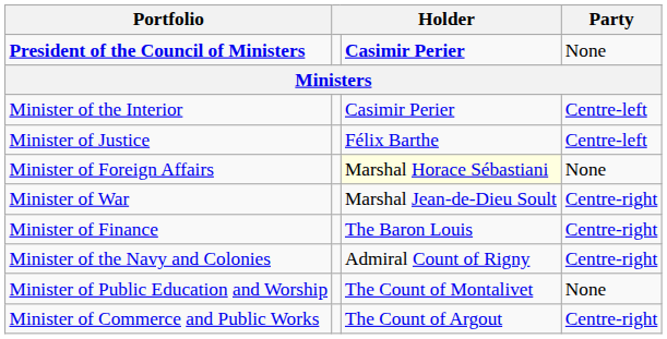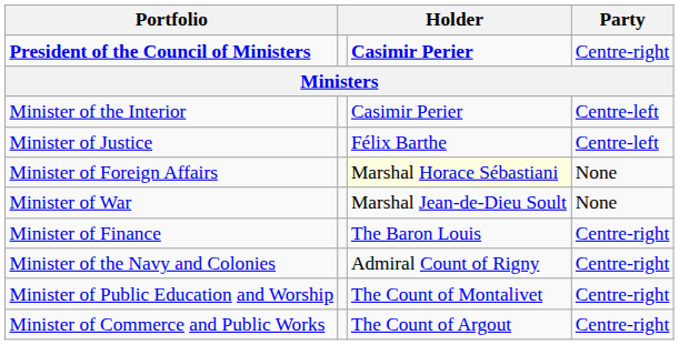 <table class="wikitable">
 <tr>
 <th>Portfolio</th>
 <th colspan=2>Holder</th>
 <th>Party</th>
 </tr>
 <tr>
 <td><strong><a href='#'>President of the Council of Ministers</a></strong></td>
 <td style="background:"></td>
 <td><strong><a href='#'>Casimir Perier</a></strong></td>
-<td>None</td>
+<td><a href='#'>Centre-right</a></td>
 </tr>
 <tr>
 <th colspan=4 align=center><a href='#'>Ministers</a></th>
 </tr>
 <tr>
 <td><a href='#'>Minister of the Interior</a></td>
 <td style="background:"></td>
 <td><a href='#'>Casimir Perier</a></td>
 <td><a href='#'>Centre-left</a></td>
 </tr>
 <tr>
 <td><a href='#'>Minister of Justice</a></td>
 <td style="background:"></td>
 <td><a href='#'>Félix Barthe</a></td>
 <td><a href='#'>Centre-left</a></td>
 </tr>
 <tr>
 <td><a href='#'>Minister of Foreign Affairs</a></td>
 <td style="background:"></td>
 <td style="background: lightyellow;">Marshal <a href='#'>Horace Sébastiani</a></td>
 <td>None</td>
 </tr>
 <tr>
 <td><a href='#'>Minister of War</a></td>
 <td style="background:"></td>
 <td>Marshal <a href='#'>Jean-de-Dieu Soult</a></td>
-<td><a href='#'>Centre-right</a></td>
+<td>None</td>
 </tr>
 <tr>
 <td><a href='#'>Minister of Finance</a></td>
 <td style="background:"></td>
 <td><a href='#'>The Baron Louis</a></td>
 <td><a href='#'>Centre-right</a></td>
 </tr>
 <tr>
 <td><a href='#'>Minister of the Navy and Colonies</a></td>
 <td style="background:"></td>
 <td>Admiral <a href='#'>Count of Rigny</a></td>
 <td><a href='#'>Centre-right</a></td>
 </tr>
 <tr>
 <td><a href='#'>Minister of Public Education</a> <a href='#'>and Worship</a></td>
 <td style="background:"></td>
 <td><a href='#'>The Count of Montalivet</a></td>
-<td>None</td>
+<td><a href='#'>Centre-right</a></td>
 </tr>
 <tr>
 <td><a href='#'>Minister of Commerce</a> <a href='#'>and Public Works</a></td>
 <td style="background:"></td>
 <td><a href='#'>The Count of Argout</a></td>
 <td><a href='#'>Centre-right</a></td>
 </tr>
 </table>
